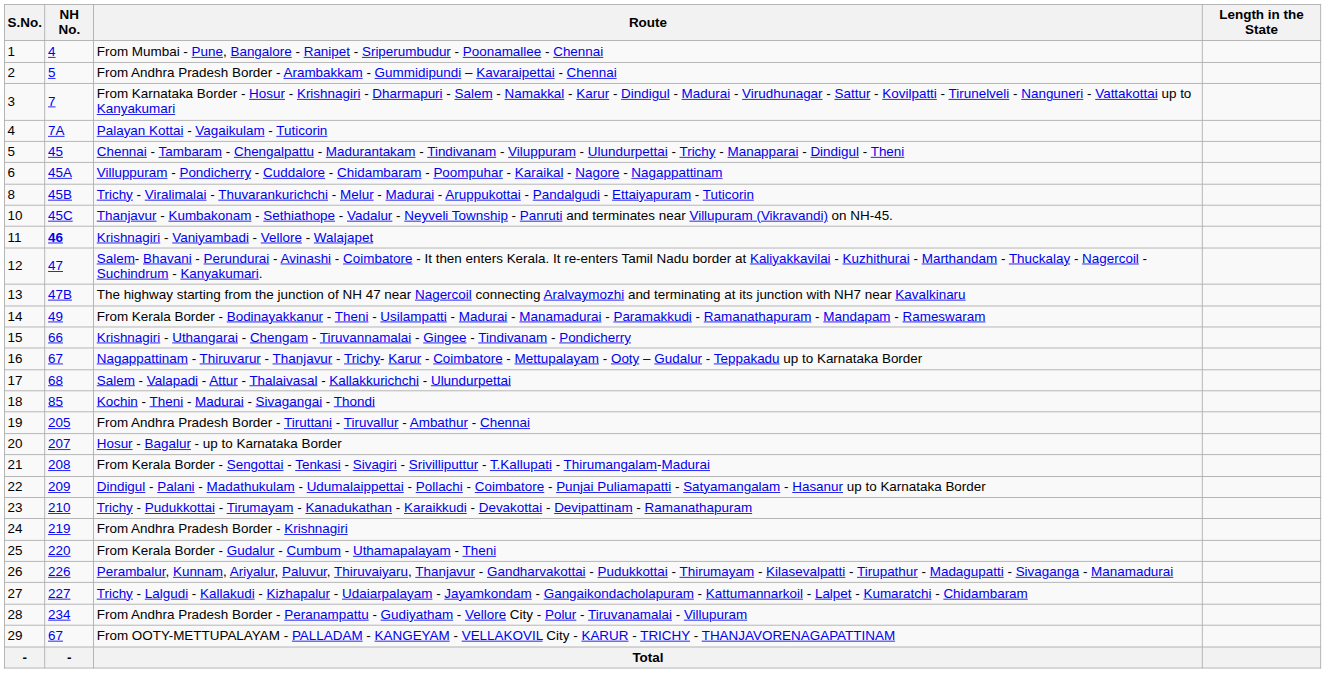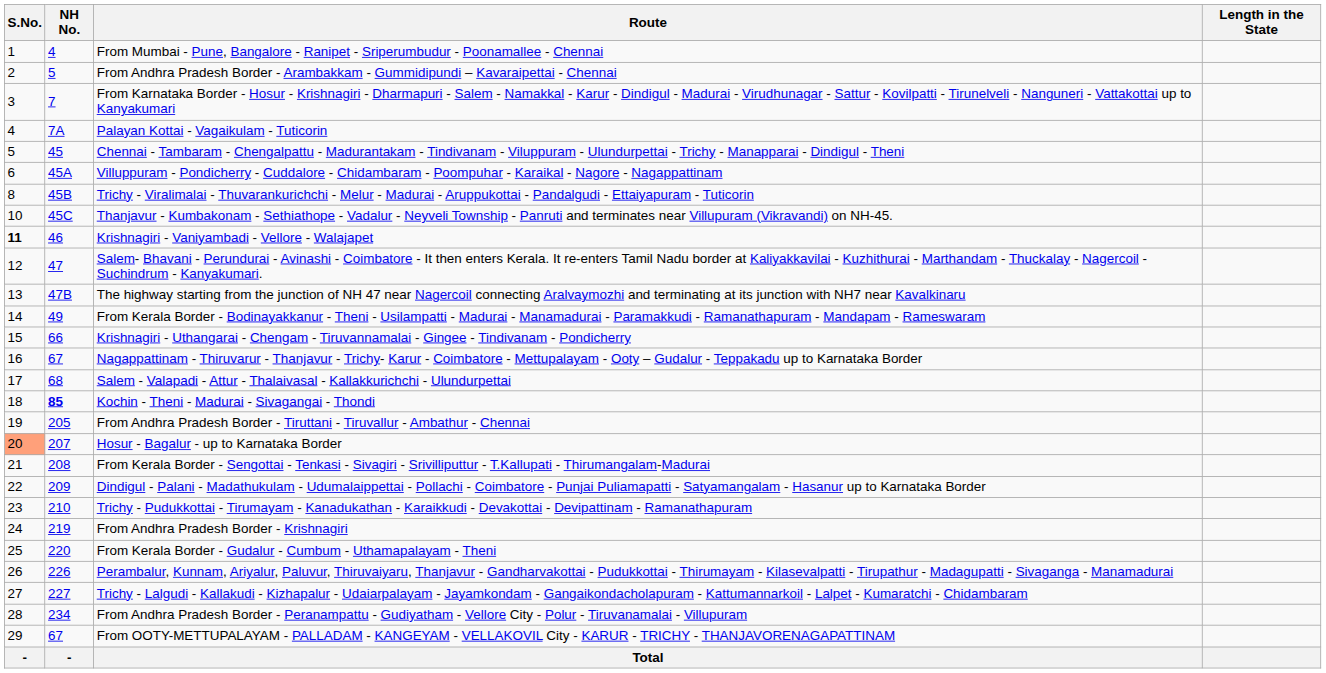 <table class="wikitable">
 <tr>
 <th>S.No.</th>
 <th>NH No.</th>
 <th>Route</th>
 <th>Length in the State</th>
 </tr>
 <tr>
 <td>1</td>
 <td><a href='#'>4</a></td>
 <td>From Mumbai - <a href='#'>Pune</a>, <a href='#'>Bangalore</a> - <a href='#'>Ranipet</a> - <a href='#'>Sriperumbudur</a> - <a href='#'>Poonamallee</a> - <a href='#'>Chennai</a></td>
 <td></td>
 </tr>
 <tr>
 <td>2</td>
 <td><a href='#'>5</a></td>
 <td>From Andhra Pradesh Border - <a href='#'>Arambakkam</a> - <a href='#'>Gummidipundi</a> – <a href='#'>Kavaraipettai</a> - <a href='#'>Chennai</a></td>
 <td></td>
 </tr>
 <tr>
 <td>3</td>
 <td><a href='#'>7</a></td>
 <td>From Karnataka Border - <a href='#'>Hosur</a> - <a href='#'>Krishnagiri</a> - <a href='#'>Dharmapuri</a> - <a href='#'>Salem</a> -  <a href='#'>Namakkal</a> - <a href='#'>Karur</a> - <a href='#'>Dindigul</a> -  <a href='#'>Madurai</a> - <a href='#'>Virudhunagar</a> - <a href='#'>Sattur</a> - <a href='#'>Kovilpatti</a> - <a href='#'>Tirunelveli</a> - <a href='#'>Nanguneri</a> - <a href='#'>Vattakottai</a> up to <a href='#'>Kanyakumari</a></td>
 <td></td>
 </tr>
 <tr>
 <td>4</td>
 <td><a href='#'>7A</a></td>
 <td><a href='#'>Palayan Kottai</a> - <a href='#'>Vagaikulam</a> - <a href='#'>Tuticorin</a></td>
 <td></td>
 </tr>
 <tr>
 <td>5</td>
 <td><a href='#'>45</a></td>
 <td><a href='#'>Chennai</a> - <a href='#'>Tambaram</a> - <a href='#'>Chengalpattu</a> - <a href='#'>Madurantakam</a> - <a href='#'>Tindivanam</a> - <a href='#'>Viluppuram</a> - <a href='#'>Ulundurpettai</a> - <a href='#'>Trichy</a> - <a href='#'>Manapparai</a> - <a href='#'>Dindigul</a> - <a href='#'>Theni</a></td>
 <td></td>
 </tr>
 <tr>
 <td>6</td>
 <td><a href='#'>45A</a></td>
 <td><a href='#'>Villuppuram</a> - <a href='#'>Pondicherry</a> - <a href='#'>Cuddalore</a> - <a href='#'>Chidambaram</a> - <a href='#'>Poompuhar</a> - <a href='#'>Karaikal</a> - <a href='#'>Nagore</a> - <a href='#'>Nagappattinam</a></td>
 <td></td>
 </tr>
 <tr>
 <td>8</td>
 <td><a href='#'>45B</a></td>
 <td><a href='#'>Trichy</a> - <a href='#'>Viralimalai</a> - <a href='#'>Thuvarankurichchi</a> - <a href='#'>Melur</a> - <a href='#'>Madurai</a> - <a href='#'>Aruppukottai</a> - <a href='#'>Pandalgudi</a> - <a href='#'>Ettaiyapuram</a> - <a href='#'>Tuticorin</a></td>
 <td></td>
 </tr>
 <tr>
 <td>10</td>
 <td><a href='#'>45C</a></td>
 <td><a href='#'>Thanjavur</a> - <a href='#'>Kumbakonam</a> - <a href='#'>Sethiathope</a> - <a href='#'>Vadalur</a> - <a href='#'>Neyveli Township</a> - <a href='#'>Panruti</a> and terminates near <a href='#'>Villupuram (Vikravandi)</a> on NH-45.</td>
 <td></td>
 </tr>
 <tr>
-<td>11</td>
-<td><strong><a href='#'>46</a></strong></td>
+<td><strong>11</strong></td>
+<td><a href='#'>46</a></td>
 <td><a href='#'>Krishnagiri</a> - <a href='#'>Vaniyambadi</a> - <a href='#'>Vellore</a> - <a href='#'>Walajapet</a></td>
 <td></td>
 </tr>
 <tr>
 <td>12</td>
 <td><a href='#'>47</a></td>
 <td><a href='#'>Salem</a>- <a href='#'>Bhavani</a> - <a href='#'>Perundurai</a> - <a href='#'>Avinashi</a> - <a href='#'>Coimbatore</a> - It then enters Kerala. It re-enters Tamil Nadu border at <a href='#'>Kaliyakkavilai</a> - <a href='#'>Kuzhithurai</a> - <a href='#'>Marthandam</a> - <a href='#'>Thuckalay</a> - <a href='#'>Nagercoil</a> - <a href='#'>Suchindrum</a> - <a href='#'>Kanyakumari</a>.</td>
 <td></td>
 </tr>
 <tr>
 <td>13</td>
 <td><a href='#'>47B</a></td>
 <td>The highway starting from the junction of NH 47 near <a href='#'>Nagercoil</a> connecting <a href='#'>Aralvaymozhi</a> and terminating at its junction with NH7 near <a href='#'>Kavalkinaru</a></td>
 <td></td>
 </tr>
 <tr>
 <td>14</td>
 <td><a href='#'>49</a></td>
 <td>From  Kerala  Border - <a href='#'>Bodinayakkanur</a> - <a href='#'>Theni</a> - <a href='#'>Usilampatti</a> - <a href='#'>Madurai</a> - <a href='#'>Manamadurai</a> - <a href='#'>Paramakkudi</a> - <a href='#'>Ramanathapuram</a> - <a href='#'>Mandapam</a> - <a href='#'>Rameswaram</a></td>
 <td></td>
 </tr>
 <tr>
 <td>15</td>
 <td><a href='#'>66</a></td>
 <td><a href='#'>Krishnagiri</a> - <a href='#'>Uthangarai</a> - <a href='#'>Chengam</a> - <a href='#'>Tiruvannamalai</a> - <a href='#'>Gingee</a> - <a href='#'>Tindivanam</a> - <a href='#'>Pondicherry</a></td>
 <td></td>
 </tr>
 <tr>
 <td>16</td>
 <td><a href='#'>67</a></td>
 <td><a href='#'>Nagappattinam</a> - <a href='#'>Thiruvarur</a> - <a href='#'>Thanjavur</a> - <a href='#'>Trichy</a>- <a href='#'>Karur</a> - <a href='#'>Coimbatore</a> - <a href='#'>Mettupalayam</a> - <a href='#'>Ooty</a> – <a href='#'>Gudalur</a> - <a href='#'>Teppakadu</a> up to Karnataka Border</td>
 <td></td>
 </tr>
 <tr>
 <td>17</td>
 <td><a href='#'>68</a></td>
 <td><a href='#'>Salem</a> - <a href='#'>Valapadi</a> - <a href='#'>Attur</a> - <a href='#'>Thalaivasal</a> - <a href='#'>Kallakkurichchi</a> - <a href='#'>Ulundurpettai</a></td>
 <td></td>
 </tr>
 <tr>
 <td>18</td>
-<td><a href='#'>85</a></td>
+<td><strong><a href='#'>85</a></strong></td>
 <td><a href='#'>Kochin</a> - <a href='#'>Theni</a> - <a href='#'>Madurai</a> - <a href='#'>Sivagangai</a> - <a href='#'>Thondi</a></td>
 <td></td>
 </tr>
 <tr>
 <td>19</td>
 <td><a href='#'>205</a></td>
 <td>From Andhra Pradesh Border - <a href='#'>Tiruttani</a> - <a href='#'>Tiruvallur</a> - <a href='#'>Ambathur</a> - <a href='#'>Chennai</a></td>
 <td></td>
 </tr>
 <tr>
-<td>20</td>
+<td style="background: lightsalmon;">20</td>
 <td><a href='#'>207</a></td>
 <td><a href='#'>Hosur</a> - <a href='#'>Bagalur</a> - up to Karnataka Border</td>
 <td></td>
 </tr>
 <tr>
 <td>21</td>
 <td><a href='#'>208</a></td>
 <td>From Kerala Border - <a href='#'>Sengottai</a> - <a href='#'>Tenkasi</a> - <a href='#'>Sivagiri</a> - <a href='#'>Srivilliputtur</a> - <a href='#'>T.Kallupati</a> - <a href='#'>Thirumangalam</a>-<a href='#'>Madurai</a></td>
 <td></td>
 </tr>
 <tr>
 <td>22</td>
 <td><a href='#'>209</a></td>
 <td><a href='#'>Dindigul</a> - <a href='#'>Palani</a> - <a href='#'>Madathukulam</a> - <a href='#'>Udumalaippettai</a> - <a href='#'>Pollachi</a> - <a href='#'>Coimbatore</a> - <a href='#'>Punjai Puliamapatti</a> - <a href='#'>Satyamangalam</a> - <a href='#'>Hasanur</a> up to Karnataka Border</td>
 <td></td>
 </tr>
 <tr>
 <td>23</td>
 <td><a href='#'>210</a></td>
 <td><a href='#'>Trichy</a> - <a href='#'>Pudukkottai</a> - <a href='#'>Tirumayam</a> - <a href='#'>Kanadukathan</a> - <a href='#'>Karaikkudi</a> - <a href='#'>Devakottai</a> - <a href='#'>Devipattinam</a> - <a href='#'>Ramanathapuram</a></td>
 <td></td>
 </tr>
 <tr>
 <td>24</td>
 <td><a href='#'>219</a></td>
 <td>From Andhra Pradesh Border - <a href='#'>Krishnagiri</a></td>
 <td></td>
 </tr>
 <tr>
 <td>25</td>
 <td><a href='#'>220</a></td>
 <td>From Kerala Border - <a href='#'>Gudalur</a> - <a href='#'>Cumbum</a> - <a href='#'>Uthamapalayam</a> - <a href='#'>Theni</a></td>
 <td></td>
 </tr>
 <tr>
 <td>26</td>
 <td><a href='#'>226</a></td>
 <td><a href='#'>Perambalur</a>, <a href='#'>Kunnam</a>, <a href='#'>Ariyalur</a>, <a href='#'>Paluvur</a>, <a href='#'>Thiruvaiyaru</a>, <a href='#'>Thanjavur</a> - <a href='#'>Gandharvakottai</a> - <a href='#'>Pudukkottai</a> - <a href='#'>Thirumayam</a> - <a href='#'>Kilasevalpatti</a> - <a href='#'>Tirupathur</a> - <a href='#'>Madagupatti</a> - <a href='#'>Sivaganga</a> - <a href='#'>Manamadurai</a></td>
 <td></td>
 </tr>
 <tr>
 <td>27</td>
 <td><a href='#'>227</a></td>
 <td><a href='#'>Trichy</a> - <a href='#'>Lalgudi</a> - <a href='#'>Kallakudi</a> - <a href='#'>Kizhapalur</a> - <a href='#'>Udaiarpalayam</a> - <a href='#'>Jayamkondam</a> - <a href='#'>Gangaikondacholapuram</a> - <a href='#'>Kattumannarkoil</a> - <a href='#'>Lalpet</a> - <a href='#'>Kumaratchi</a> - <a href='#'>Chidambaram</a></td>
 <td></td>
 </tr>
 <tr>
 <td>28</td>
 <td><a href='#'>234</a></td>
 <td>From Andhra Pradesh Border - <a href='#'>Peranampattu</a> - <a href='#'>Gudiyatham</a> - <a href='#'>Vellore</a> City - <a href='#'>Polur</a> - <a href='#'>Tiruvanamalai</a> - <a href='#'>Villupuram</a></td>
 </tr>
 <tr>
 <td>29</td>
 <td><a href='#'>67</a></td>
 <td>From OOTY-METTUPALAYAM - <a href='#'>PALLADAM</a> - <a href='#'>KANGEYAM</a> - <a href='#'>VELLAKOVIL</a> City - <a href='#'>KARUR</a> - <a href='#'>TRICHY</a> - <a href='#'>THANJAVORE</a><a href='#'>NAGAPATTINAM</a></td>
 <td></td>
 </tr>
 <tr>
 <th>-</th>
 <th>-</th>
 <th>Total</th>
 <th></th>
 </tr>
 </table>
